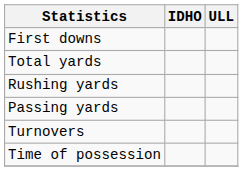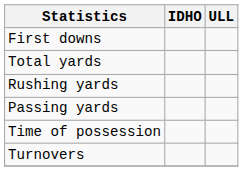 <table class="wikitable" style="float: left;">
 <tr>
 <th>Statistics</th>
 <th>IDHO</th>
 <th>ULL</th>
 </tr>
 <tr>
 <td>First downs</td>
 <td></td>
 <td></td>
 </tr>
 <tr>
 <td>Total yards</td>
 <td></td>
 <td></td>
 </tr>
 <tr>
 <td>Rushing yards</td>
 <td></td>
 <td></td>
 </tr>
 <tr>
 <td>Passing yards</td>
 <td></td>
 <td></td>
 </tr>
 <tr>
-<td>Turnovers</td>
+<td>Time of possession</td>
 <td></td>
 <td></td>
 </tr>
 <tr>
-<td>Time of possession</td>
+<td>Turnovers</td>
 <td></td>
 <td></td>
 </tr>
 <tr>
 </tr>
 </table>
